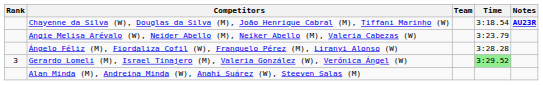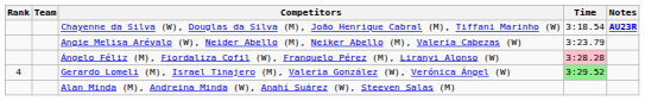 <table class="wikitable sortable" style="text-align:center;font-size:95%">
 <tr>
 <th>Rank</th>
+<th>Team</th>
 <th>Competitors</th>
-<th>Team</th>
 <th>Time</th>
 <th>Notes</th>
 </tr>
 <tr>
 <td></td>
+<td align=left></td>
 <td align=left><a href='#'>Chayenne da Silva</a> (W), <a href='#'>Douglas da Silva</a> (M), <a href='#'>João Henrique Cabral</a> (M), <a href='#'>Tiffani Marinho</a> (W)</td>
-<td align=left></td>
 <td>3:18.54</td>
 <td><strong><a href='#'>AU23R</a></strong></td>
 </tr>
 <tr>
 <td></td>
+<td align=left></td>
 <td align=left><a href='#'>Angie Melisa Arévalo</a> (W), <a href='#'>Neider Abello</a> (M), <a href='#'>Neiker Abello</a> (M), <a href='#'>Valeria Cabezas</a> (W)</td>
-<td align=left></td>
 <td>3:23.79</td>
 <td></td>
 </tr>
 <tr>
 <td></td>
+<td align=left></td>
 <td align=left><a href='#'>Ángelo Féliz</a> (M), <a href='#'>Fiordaliza Cofil</a> (W), <a href='#'>Franquelo Pérez</a> (M), <a href='#'>Liranyi Alonso</a> (W)</td>
-<td align=left></td>
-<td>3:28.28</td>
+<td style="background: pink;">3:28.28</td>
 <td></td>
 </tr>
 <tr>
-<td>3</td>
+<td>4</td>
+<td align=left></td>
 <td align=left><a href='#'>Gerardo Lomeli</a> (M), <a href='#'>Israel Tinajero</a> (M), <a href='#'>Valeria González</a> (W), <a href='#'>Verónica Ángel</a> (W)</td>
-<td align=left></td>
 <td style="background: lightgreen;">3:29.52</td>
 <td></td>
 </tr>
 <tr>
 <td></td>
+<td align=left></td>
 <td align=left><a href='#'>Alan Minda</a> (M), <a href='#'>Andreina Minda</a> (W), <a href='#'>Anahí Suárez</a> (W), <a href='#'>Steeven Salas</a> (M)</td>
-<td align=left></td>
 <td></td>
 <td></td>
 </tr>
 </table>
